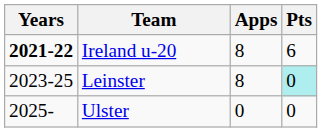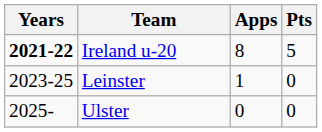 <table class="wikitable" style="text-align:left;">
 <tr>
 <th>Years</th>
 <th width=120px>Team</th>
 <th>Apps</th>
 <th>Pts</th>
 </tr>
 <tr>
 <td><strong>2021-22</strong></td>
 <td><a href='#'>Ireland u-20</a></td>
 <td>8</td>
-<td>6</td>
+<td>5</td>
 </tr>
 <tr>
 <td>2023-25</td>
 <td><a href='#'>Leinster</a></td>
-<td>8</td>
-<td style="background: paleturquoise;">0</td>
+<td>1</td>
+<td>0</td>
 </tr>
 <tr>
 <td>2025-</td>
 <td><a href='#'>Ulster</a></td>
 <td>0</td>
 <td>0</td>
 </tr>
 </table>
